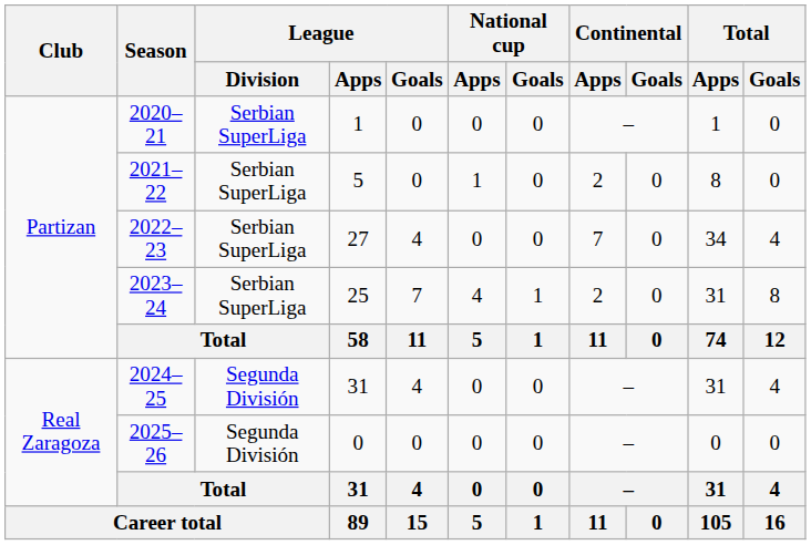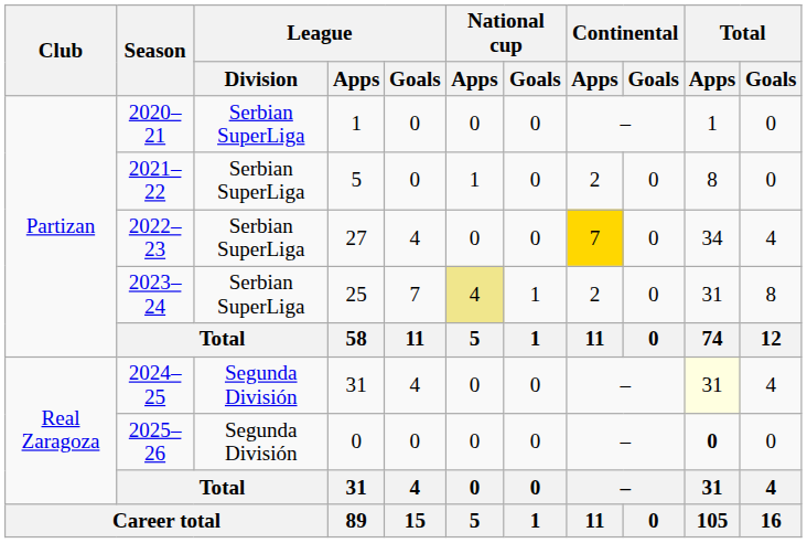 <table class="wikitable" style="text-align:center">
 <tr>
 <th rowspan=2>Club</th>
 <th rowspan=2>Season</th>
 <th colspan=3>League</th>
 <th colspan=2>National cup</th>
 <th colspan=2>Continental</th>
 <th colspan=2>Total</th>
 </tr>
 <tr>
 <th>Division</th>
 <th>Apps</th>
 <th>Goals</th>
 <th>Apps</th>
 <th>Goals</th>
 <th>Apps</th>
 <th>Goals</th>
 <th>Apps</th>
 <th>Goals</th>
 </tr>
 <tr>
 <td rowspan=5><a href='#'>Partizan</a></td>
 <td><a href='#'>2020–21</a></td>
 <td><a href='#'>Serbian SuperLiga</a></td>
 <td>1</td>
 <td>0</td>
 <td>0</td>
 <td>0</td>
 <td colspan=2>–</td>
 <td>1</td>
 <td>0</td>
 </tr>
 <tr>
 <td><a href='#'>2021–22</a></td>
 <td>Serbian SuperLiga</td>
 <td>5</td>
 <td>0</td>
 <td>1</td>
 <td>0</td>
 <td>2</td>
 <td>0</td>
 <td>8</td>
 <td>0</td>
 </tr>
 <tr>
 <td><a href='#'>2022–23</a></td>
 <td>Serbian SuperLiga</td>
 <td>27</td>
 <td>4</td>
 <td>0</td>
 <td>0</td>
-<td>7</td>
+<td style="background: gold;">7</td>
 <td>0</td>
 <td>34</td>
 <td>4</td>
 </tr>
 <tr>
 <td><a href='#'>2023–24</a></td>
 <td>Serbian SuperLiga</td>
 <td>25</td>
 <td>7</td>
-<td>4</td>
+<td style="background: khaki;">4</td>
 <td>1</td>
 <td>2</td>
 <td>0</td>
 <td>31</td>
 <td>8</td>
 </tr>
 <tr>
 <th colspan=2>Total</th>
 <th>58</th>
 <th>11</th>
 <th>5</th>
 <th>1</th>
 <th>11</th>
 <th>0</th>
 <th>74</th>
 <th>12</th>
 </tr>
 <tr>
 <td rowspan=3><a href='#'>Real Zaragoza</a></td>
 <td><a href='#'>2024–25</a></td>
 <td><a href='#'>Segunda División</a></td>
 <td>31</td>
 <td>4</td>
 <td>0</td>
 <td>0</td>
 <td colspan=2>–</td>
-<td>31</td>
+<td style="background: lightyellow;">31</td>
 <td>4</td>
 </tr>
 <tr>
 <td><a href='#'>2025–26</a></td>
 <td>Segunda División</td>
 <td>0</td>
 <td>0</td>
 <td>0</td>
 <td>0</td>
 <td colspan=2>–</td>
-<td>0</td>
+<td><strong>0</strong></td>
 <td>0</td>
 </tr>
 <tr>
 <th colspan=2>Total</th>
 <th>31</th>
 <th>4</th>
 <th>0</th>
 <th>0</th>
 <th colspan=2>–</th>
 <th>31</th>
 <th>4</th>
 </tr>
 <tr>
 <th colspan=3>Career total</th>
 <th>89</th>
 <th>15</th>
 <th>5</th>
 <th>1</th>
 <th>11</th>
 <th>0</th>
 <th>105</th>
 <th>16</th>
 </tr>
 </table>
